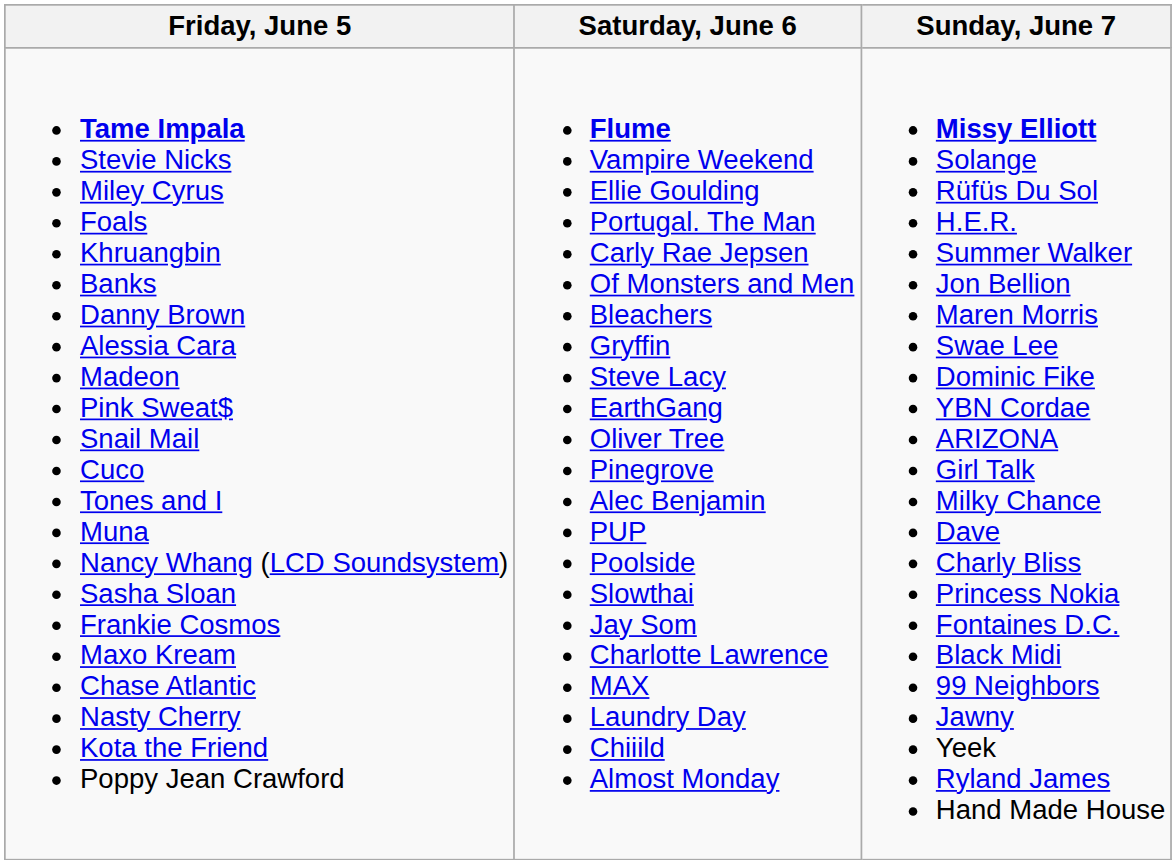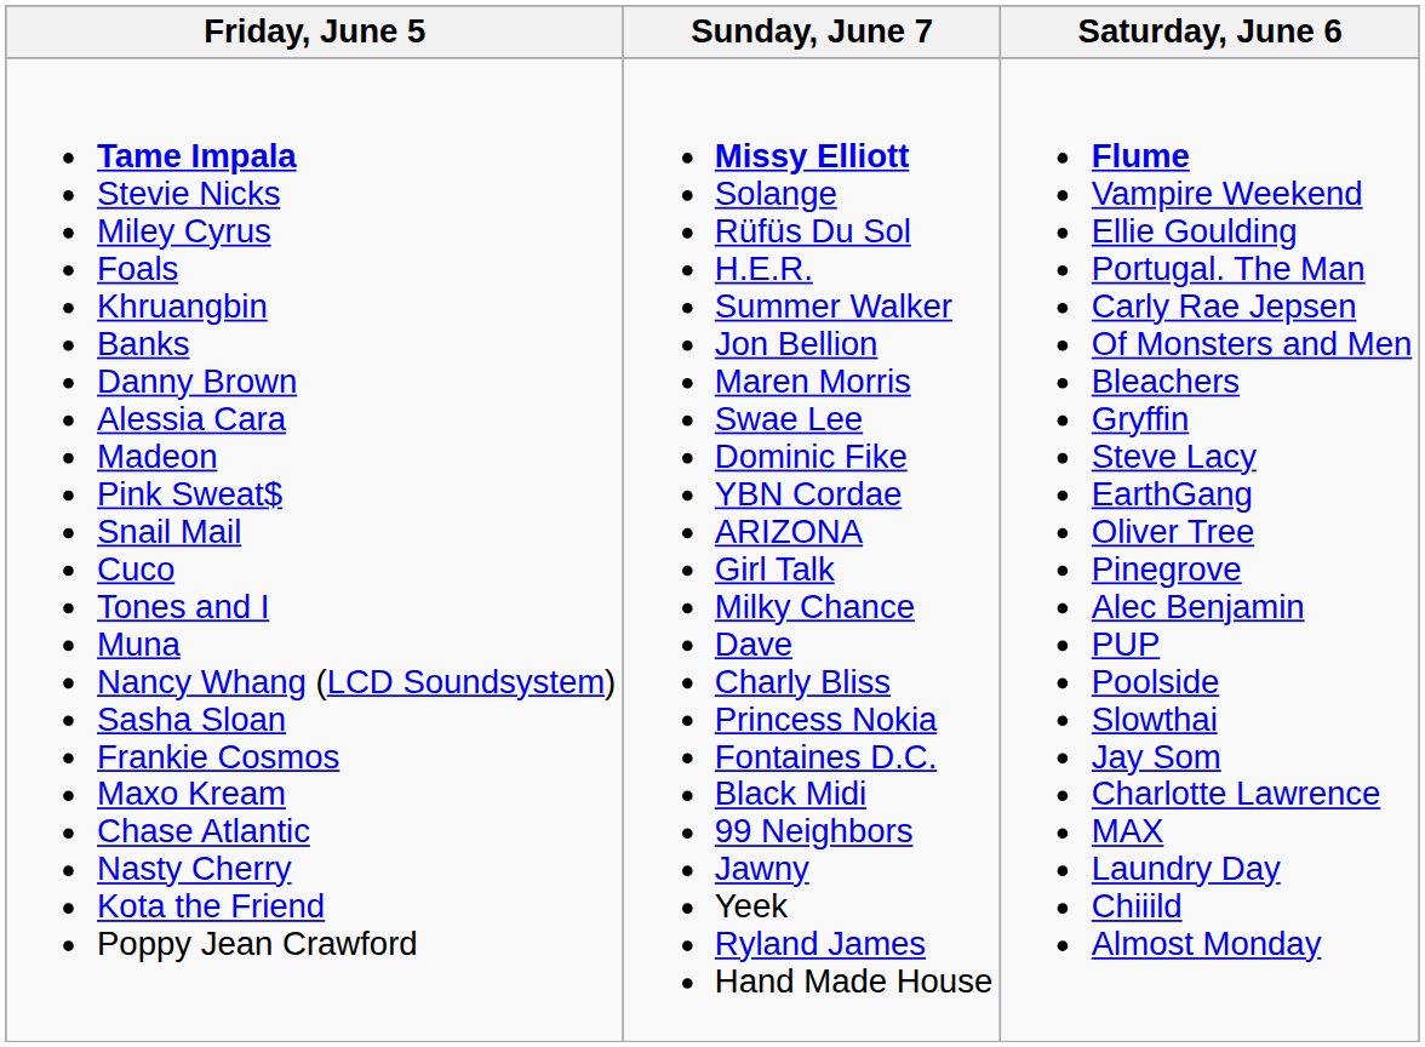 <table class="wikitable">
 <tr>
 <th>Friday, June 5</th>
+<th>Sunday, June 7</th>
 <th>Saturday, June 6</th>
-<th>Sunday, June 7</th>
 </tr>
 <tr valign="top">
 <td><br><ul><li><strong><a href='#'>Tame Impala</a></strong></li><li><a href='#'>Stevie Nicks</a></li><li><a href='#'>Miley Cyrus</a></li><li><a href='#'>Foals</a></li><li><a href='#'>Khruangbin</a></li><li><a href='#'>Banks</a></li><li><a href='#'>Danny Brown</a></li><li><a href='#'>Alessia Cara</a></li><li><a href='#'>Madeon</a></li><li><a href='#'>Pink Sweat$</a></li><li><a href='#'>Snail Mail</a></li><li><a href='#'>Cuco</a></li><li><a href='#'>Tones and I</a></li><li><a href='#'>Muna</a></li><li><a href='#'>Nancy Whang</a> (<a href='#'>LCD Soundsystem</a>)</li><li><a href='#'>Sasha Sloan</a></li><li><a href='#'>Frankie Cosmos</a></li><li><a href='#'>Maxo Kream</a></li><li><a href='#'>Chase Atlantic</a></li><li><a href='#'>Nasty Cherry</a></li><li><a href='#'>Kota the Friend</a></li><li>Poppy Jean Crawford</li></ul></td>
+<td><br><ul><li><strong><a href='#'>Missy Elliott</a></strong></li><li><a href='#'>Solange</a></li><li><a href='#'>Rüfüs Du Sol</a></li><li><a href='#'>H.E.R.</a></li><li><a href='#'>Summer Walker</a></li><li><a href='#'>Jon Bellion</a></li><li><a href='#'>Maren Morris</a></li><li><a href='#'>Swae Lee</a></li><li><a href='#'>Dominic Fike</a></li><li><a href='#'>YBN Cordae</a></li><li><a href='#'>ARIZONA</a></li><li><a href='#'>Girl Talk</a></li><li><a href='#'>Milky Chance</a></li><li><a href='#'>Dave</a></li><li><a href='#'>Charly Bliss</a></li><li><a href='#'>Princess Nokia</a></li><li><a href='#'>Fontaines D.C.</a></li><li><a href='#'>Black Midi</a></li><li><a href='#'>99 Neighbors</a></li><li><a href='#'>Jawny</a></li><li>Yeek</li><li><a href='#'>Ryland James</a></li><li>Hand Made House</li></ul></td>
 <td><br><ul><li><strong><a href='#'>Flume</a></strong></li><li><a href='#'>Vampire Weekend</a></li><li><a href='#'>Ellie Goulding</a></li><li><a href='#'>Portugal. The Man</a></li><li><a href='#'>Carly Rae Jepsen</a></li><li><a href='#'>Of Monsters and Men</a></li><li><a href='#'>Bleachers</a></li><li><a href='#'>Gryffin</a></li><li><a href='#'>Steve Lacy</a></li><li><a href='#'>EarthGang</a></li><li><a href='#'>Oliver Tree</a></li><li><a href='#'>Pinegrove</a></li><li><a href='#'>Alec Benjamin</a></li><li><a href='#'>PUP</a></li><li><a href='#'>Poolside</a></li><li><a href='#'>Slowthai</a></li><li><a href='#'>Jay Som</a></li><li><a href='#'>Charlotte Lawrence</a></li><li><a href='#'>MAX</a></li><li><a href='#'>Laundry Day</a></li><li><a href='#'>Chiiild</a></li><li><a href='#'>Almost Monday</a></li></ul></td>
-<td><br><ul><li><strong><a href='#'>Missy Elliott</a></strong></li><li><a href='#'>Solange</a></li><li><a href='#'>Rüfüs Du Sol</a></li><li><a href='#'>H.E.R.</a></li><li><a href='#'>Summer Walker</a></li><li><a href='#'>Jon Bellion</a></li><li><a href='#'>Maren Morris</a></li><li><a href='#'>Swae Lee</a></li><li><a href='#'>Dominic Fike</a></li><li><a href='#'>YBN Cordae</a></li><li><a href='#'>ARIZONA</a></li><li><a href='#'>Girl Talk</a></li><li><a href='#'>Milky Chance</a></li><li><a href='#'>Dave</a></li><li><a href='#'>Charly Bliss</a></li><li><a href='#'>Princess Nokia</a></li><li><a href='#'>Fontaines D.C.</a></li><li><a href='#'>Black Midi</a></li><li><a href='#'>99 Neighbors</a></li><li><a href='#'>Jawny</a></li><li>Yeek</li><li><a href='#'>Ryland James</a></li><li>Hand Made House</li></ul></td>
 </tr>
 </table>
